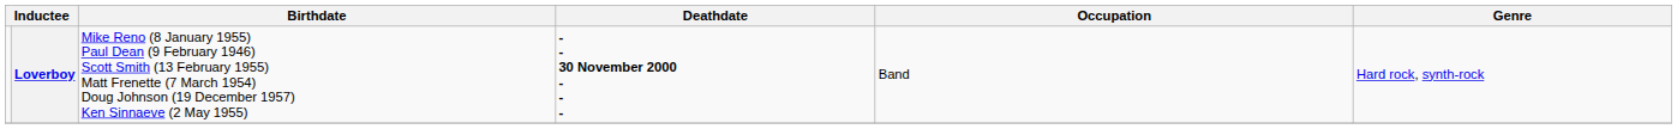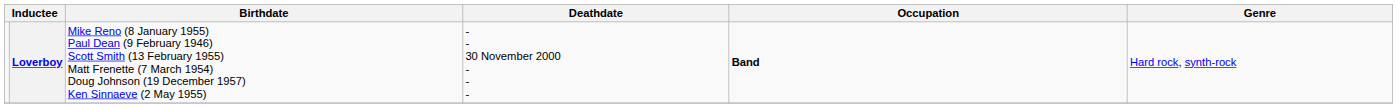 <table class="wikitable" width="100%">
 <tr>
 <th colspan=2>Inductee</th>
 <th width="30%">Birthdate</th>
 <th width="20%">Deathdate</th>
 <th width="30%">Occupation</th>
 <th width="40%">Genre</th>
 </tr>
 <tr>
 <td></td>
 <th><a href='#'>Loverboy</a></th>
 <td><a href='#'>Mike Reno</a> (8 January 1955) <br> <a href='#'>Paul Dean</a> (9 February 1946) <br> <a href='#'>Scott Smith</a> (13 February 1955) <br> Matt Frenette (7 March 1954) <br> Doug Johnson (19 December 1957) <br> <a href='#'>Ken Sinnaeve</a> (2 May 1955)</td>
-<td><strong>- <br> - <br> 30 November 2000 <br> - <br> - <br> -</strong></td>
-<td>Band</td>
+<td>- <br> - <br> 30 November 2000 <br> - <br> - <br> -</td>
+<td><strong>Band</strong></td>
 <td><a href='#'>Hard rock</a>, <a href='#'>synth-rock</a></td>
 </tr>
 <tr>
 </tr>
 </table>
